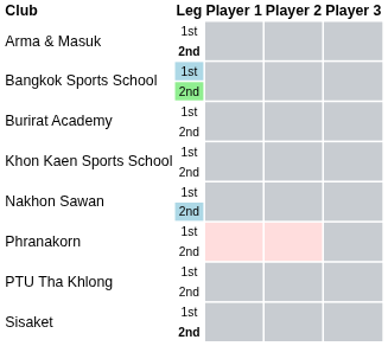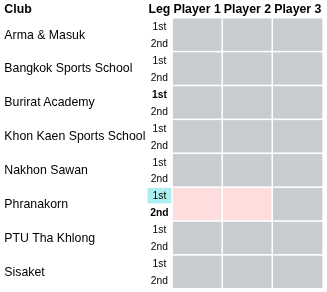 <table class="sortable" style="text-align:left">
 <tr>
 <th>Club</th>
 <th>Leg</th>
 <th>Player 1</th>
 <th>Player 2</th>
 <th>Player 3</th>
 </tr>
 <tr>
 <td rowspan="2">Arma & Masuk</td>
 <td align="center"><small>1st</small></td>
 <td bgcolor="#c8ccd1"rowspan="2"></td>
 <td bgcolor="#c8ccd1"rowspan="2"></td>
 <td bgcolor="#c8ccd1"rowspan="2"></td>
 </tr>
 <tr>
-<td align="center"><strong><small>2nd</small></strong></td>
+<td align="center"><small>2nd</small></td>
 </tr>
 <tr>
 <td rowspan="2">Bangkok Sports School</td>
-<td align="center" style="background: lightblue;"><small>1st</small></td>
+<td align="center"><small>1st</small></td>
 <td bgcolor="#c8ccd1"rowspan="2"></td>
 <td bgcolor="#c8ccd1"rowspan="2"></td>
 <td bgcolor="#c8ccd1"rowspan="2"></td>
 </tr>
 <tr>
-<td align="center" style="background: lightgreen;"><small>2nd</small></td>
+<td align="center"><small>2nd</small></td>
 </tr>
 <tr>
 <td rowspan="2">Burirat Academy</td>
-<td align="center"><small>1st</small></td>
+<td align="center"><strong><small>1st</small></strong></td>
 <td bgcolor="#c8ccd1"rowspan="2"></td>
 <td bgcolor="#c8ccd1"rowspan="2"></td>
 <td bgcolor="#c8ccd1"rowspan="2"></td>
 </tr>
 <tr>
 <td align="center"><small>2nd</small></td>
 </tr>
 <tr>
 <td rowspan="2">Khon Kaen Sports School</td>
 <td align="center"><small>1st</small></td>
 <td bgcolor="#c8ccd1"rowspan="2"></td>
 <td bgcolor="#c8ccd1"rowspan="2"></td>
 <td bgcolor="#c8ccd1"rowspan="2"></td>
 </tr>
 <tr>
 <td align="center"><small>2nd</small></td>
 </tr>
 <tr>
 <td rowspan="2">Nakhon Sawan</td>
 <td align="center"><small>1st</small></td>
 <td bgcolor="#c8ccd1"rowspan="2"></td>
 <td bgcolor="#c8ccd1"rowspan="2"></td>
 <td bgcolor="#c8ccd1"rowspan="2"></td>
 </tr>
 <tr>
-<td align="center" style="background: lightblue;"><small>2nd</small></td>
+<td align="center"><small>2nd</small></td>
 </tr>
 <tr>
 <td rowspan="2">Phranakorn</td>
-<td align="center"><small>1st</small></td>
+<td align="center" style="background: paleturquoise;"><small>1st</small></td>
 <td bgcolor="#ffdddd"rowspan="2"></td>
 <td bgcolor="#ffdddd"rowspan="2"></td>
 <td bgcolor="#c8ccd1"rowspan="2"></td>
 </tr>
 <tr>
-<td align="center"><small>2nd</small></td>
+<td align="center"><strong><small>2nd</small></strong></td>
 </tr>
 <tr>
 <td rowspan="2">PTU Tha Khlong</td>
 <td align="center"><small>1st</small></td>
 <td bgcolor="#c8ccd1"rowspan="2"></td>
 <td bgcolor="#c8ccd1"rowspan="2"></td>
 <td bgcolor="#c8ccd1"rowspan="2"></td>
 </tr>
 <tr>
 <td align="center"><small>2nd</small></td>
 </tr>
 <tr>
 <td rowspan="2">Sisaket</td>
 <td align="center"><small>1st</small></td>
 <td bgcolor="#c8ccd1"rowspan="2"></td>
 <td bgcolor="#c8ccd1"rowspan="2"></td>
 <td bgcolor="#c8ccd1"rowspan="2"></td>
 </tr>
 <tr>
-<td align="center"><strong><small>2nd</small></strong></td>
+<td align="center"><small>2nd</small></td>
 </tr>
 </table>
